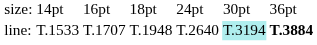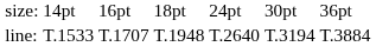 <table style="margin-left:40px;">
 <tr>
 <td>size:</td>
 <td>14pt</td>
 <td>16pt</td>
 <td>18pt</td>
 <td>24pt</td>
 <td>30pt</td>
 <td>36pt</td>
 </tr>
 <tr>
 <td>line:</td>
 <td>T.1533</td>
 <td>T.1707</td>
 <td>T.1948</td>
 <td>T.2640</td>
-<td style="background: paleturquoise;">T.3194</td>
-<td><strong>T.3884</strong></td>
+<td>T.3194</td>
+<td>T.3884</td>
 </tr>
 </table>
